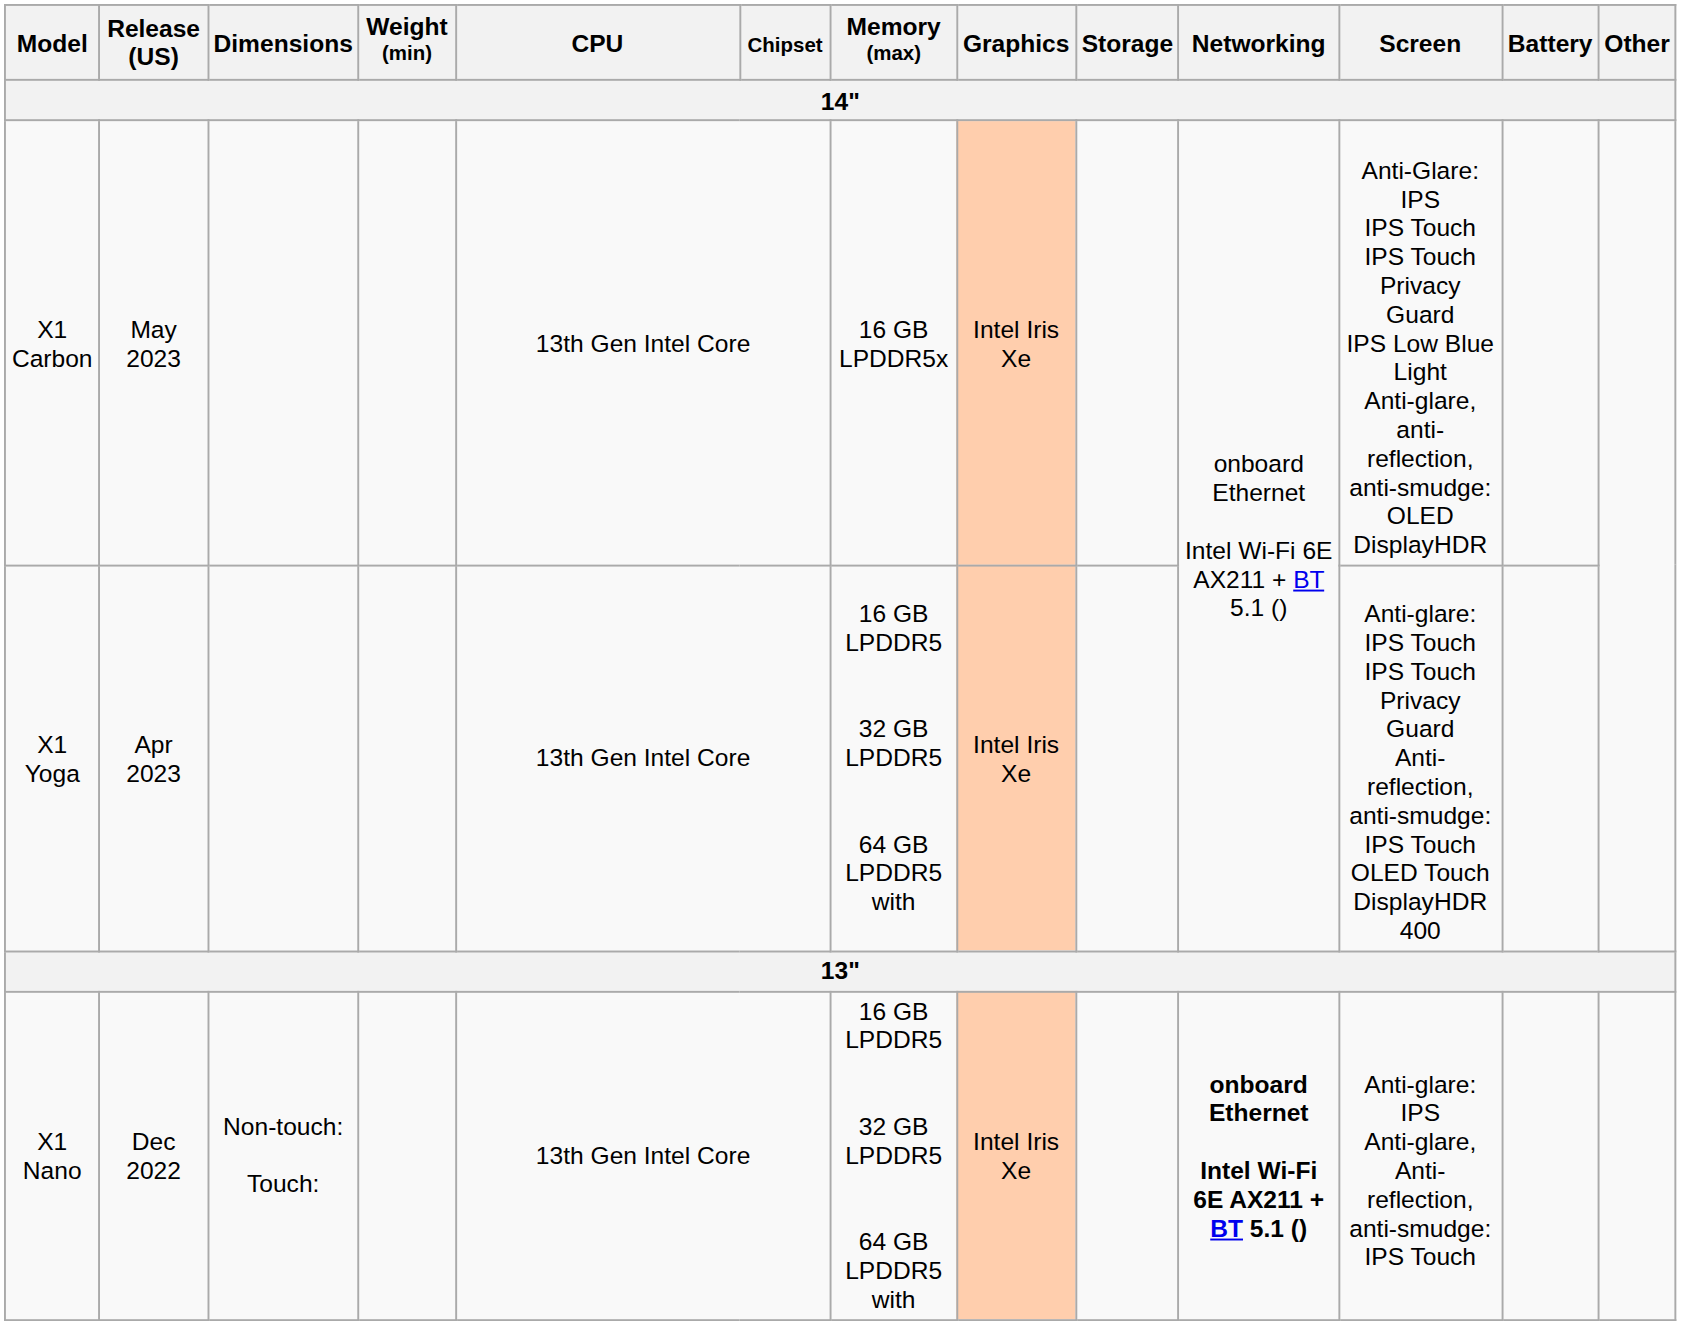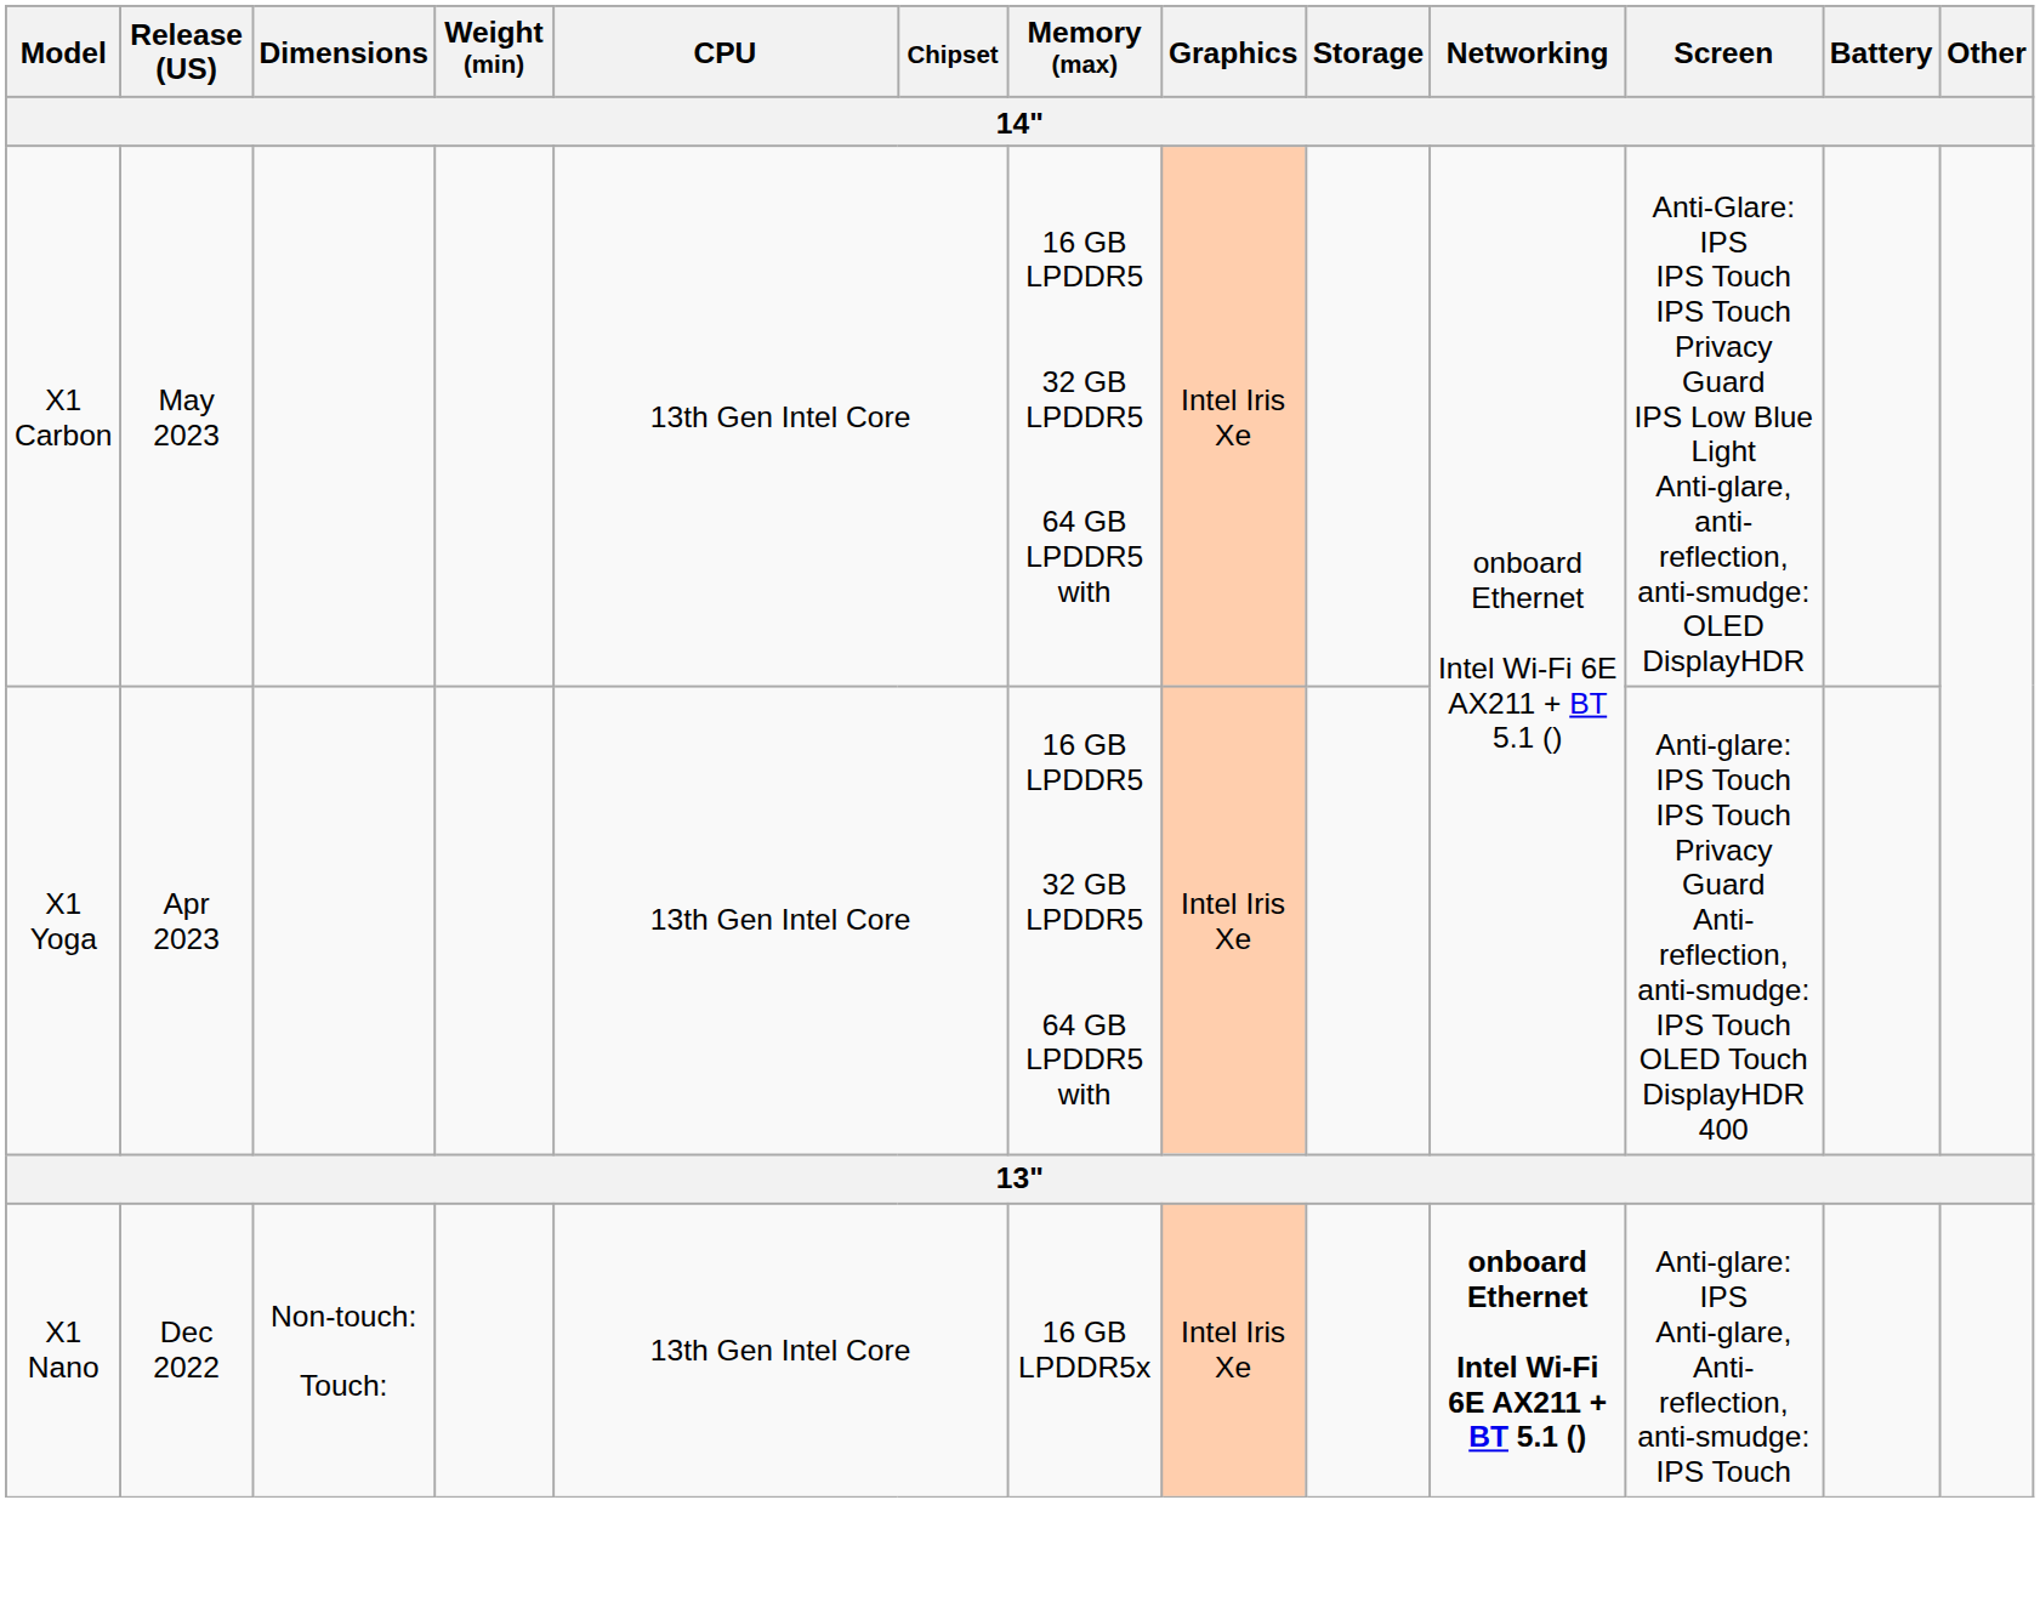 <table class="wikitable" style="font-size: 80%; text-align: center; min-width: 80%;">
 <tr>
 <th>Model</th>
 <th>Release (US)</th>
 <th>Dimensions</th>
 <th>Weight <sup>(min)</sup></th>
 <th style="width:17%">CPU</th>
 <th><small>Chipset</small></th>
 <th>Memory <sup>(max)</sup></th>
 <th>Graphics</th>
 <th>Storage</th>
 <th>Networking</th>
 <th>Screen</th>
 <th>Battery</th>
 <th>Other</th>
 </tr>
 <tr>
 <th colspan="13">14"</th>
 </tr>
 <tr>
 <td>X1 Carbon  </td>
 <td>May 2023</td>
 <td></td>
 <td></td>
 <td colspan="2" style="background:">13th Gen Intel Core<br></td>
-<td style="background:">16 GB LPDDR5x <br></td>
+<td style="background:">16 GB LPDDR5  <br><br><br>32 GB LPDDR5  <br><br><br>64 GB LPDDR5 <br> with </td>
 <td style="background:#ffcead;">Intel Iris Xe</td>
 <td></td>
 <td rowspan="2"> onboard Ethernet<br><br>Intel Wi-Fi 6E AX211 + <a href='#'>BT</a> 5.1 ()<br><small></small></td>
 <td style="background:"><br>Anti-Glare: <br>  IPS<br>  IPS Touch<br>  IPS Touch Privacy Guard<br>  IPS Low Blue Light<br>Anti-glare, anti-reflection, anti-smudge: <br>  OLED DisplayHDR</td>
 <td></td>
 <td rowspan="2"></td>
 </tr>
 <tr>
 <td>X1 Yoga  </td>
 <td>Apr 2023</td>
 <td></td>
 <td></td>
 <td colspan="2" style="background:">13th Gen Intel Core<br></td>
 <td style="background:">16 GB LPDDR5  <br><br><br>32 GB LPDDR5  <br><br><br>64 GB LPDDR5 <br> with </td>
 <td style="background:#ffcead;">Intel Iris Xe</td>
 <td></td>
 <td style="background:"><br>Anti-glare: <br>  IPS Touch<br>  IPS Touch Privacy Guard<br>Anti-reflection, anti-smudge: <br>  IPS Touch<br>  OLED Touch DisplayHDR 400</td>
 <td></td>
 </tr>
 <tr>
 <th colspan="13">13"</th>
 </tr>
 <tr>
 <td>X1 Nano  </td>
 <td>Dec 2022</td>
 <td>Non-touch: <br><br>Touch: </td>
 <td></td>
 <td colspan="2" style="background:">13th Gen Intel Core<br></td>
-<td style="background:">16 GB LPDDR5  <br><br><br>32 GB LPDDR5  <br><br><br>64 GB LPDDR5 <br> with </td>
+<td style="background:">16 GB LPDDR5x <br></td>
 <td style="background:#ffcead;">Intel Iris Xe</td>
 <td></td>
 <td><strong> onboard Ethernet<br><br>Intel Wi-Fi 6E AX211 + <a href='#'>BT</a> 5.1 ()<br><small></small></strong></td>
 <td style="background:"><br>Anti-glare: <br>  IPS<br>Anti-glare, Anti-reflection, anti-smudge: <br>  IPS Touch<br></td>
 <td></td>
 <td></td>
 </tr>
 </table>
